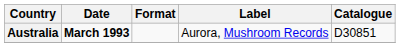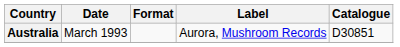 <table class="wikitable plainrowheaders">
 <tr>
 <th scope="col">Country</th>
 <th scope="col">Date</th>
 <th scope="col">Format</th>
 <th scope="col">Label</th>
 <th scope="col">Catalogue</th>
 </tr>
 <tr>
 <th scope="row">Australia</th>
-<td><strong>March 1993</strong></td>
+<td>March 1993</td>
 <td></td>
 <td>Aurora, <a href='#'>Mushroom Records</a></td>
 <td>D30851</td>
 </tr>
 <tr>
 </tr>
 </table>
